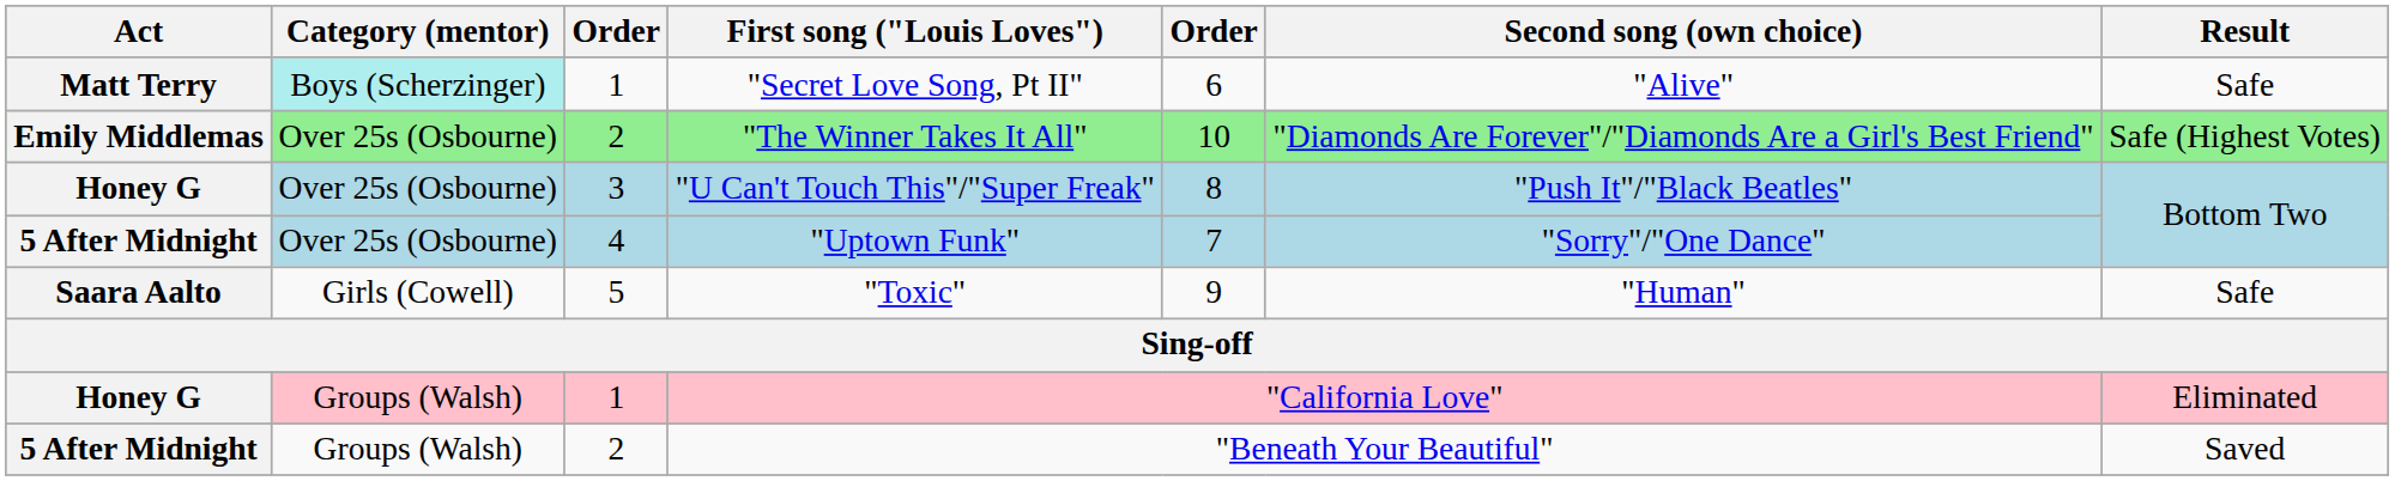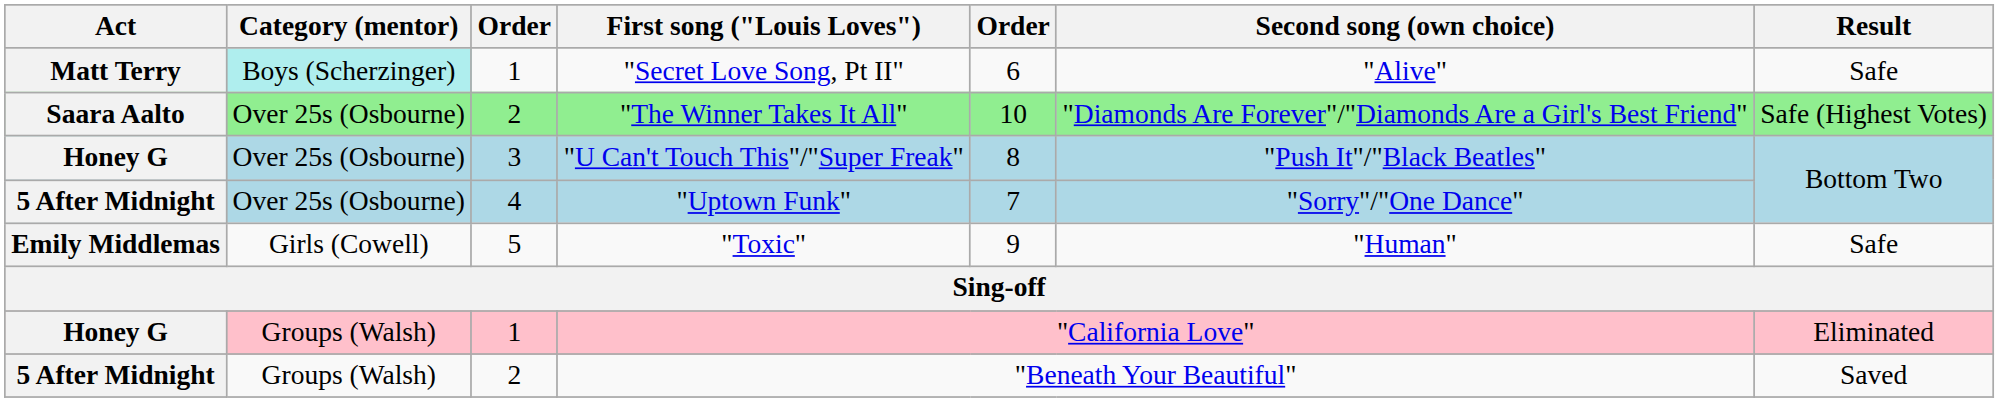 <table class="wikitable plainrowheaders" style="text-align:center;">
 <tr>
 <th scope="col">Act</th>
 <th scope="col">Category (mentor)</th>
 <th scope="col">Order</th>
 <th scope="col">First song ("Louis Loves")</th>
 <th scope="col">Order</th>
 <th scope="col">Second song (own choice)</th>
 <th scope="col">Result</th>
 </tr>
 <tr>
 <th scope="row">Matt Terry</th>
 <td style="background: paleturquoise;">Boys (Scherzinger)</td>
 <td>1</td>
 <td>"<a href='#'>Secret Love Song</a>, Pt II"</td>
 <td>6</td>
 <td>"<a href='#'>Alive</a>"</td>
 <td>Safe</td>
 </tr>
 <tr style="background:lightgreen;">
-<th scope="row">Emily Middlemas</th>
+<th scope="row">Saara Aalto</th>
 <td>Over 25s (Osbourne)</td>
 <td>2</td>
 <td>"<a href='#'>The Winner Takes It All</a>"</td>
 <td>10</td>
 <td>"<a href='#'>Diamonds Are Forever</a>"/"<a href='#'>Diamonds Are a Girl's Best Friend</a>"</td>
 <td>Safe (Highest Votes)</td>
 </tr>
 <tr style="background:lightblue;">
 <th scope="row">Honey G</th>
 <td>Over 25s (Osbourne)</td>
 <td>3</td>
 <td>"<a href='#'>U Can't Touch This</a>"/"<a href='#'>Super Freak</a>"</td>
 <td>8</td>
 <td>"<a href='#'>Push It</a>"/"<a href='#'>Black Beatles</a>"</td>
 <td rowspan=2>Bottom Two</td>
 </tr>
 <tr style="background:lightblue;">
 <th scope="row">5 After Midnight</th>
 <td>Over 25s (Osbourne)</td>
 <td>4</td>
 <td>"<a href='#'>Uptown Funk</a>"</td>
 <td>7</td>
 <td>"<a href='#'>Sorry</a>"/"<a href='#'>One Dance</a>"</td>
 </tr>
 <tr>
-<th scope="row">Saara Aalto</th>
+<th scope="row">Emily Middlemas</th>
 <td>Girls (Cowell)</td>
 <td>5</td>
 <td>"<a href='#'>Toxic</a>"</td>
 <td>9</td>
 <td>"<a href='#'>Human</a>"</td>
 <td>Safe</td>
 </tr>
 <tr>
 <th colspan="7">Sing-off</th>
 </tr>
 <tr style="background:pink;">
 <th scope="row">Honey G</th>
 <td>Groups (Walsh)</td>
 <td>1</td>
 <td colspan="3">"<a href='#'>California Love</a>"</td>
 <td>Eliminated</td>
 </tr>
 <tr>
 <th scope="row">5 After Midnight</th>
 <td>Groups (Walsh)</td>
 <td>2</td>
 <td colspan="3">"<a href='#'>Beneath Your Beautiful</a>"</td>
 <td>Saved</td>
 </tr>
 </table>
